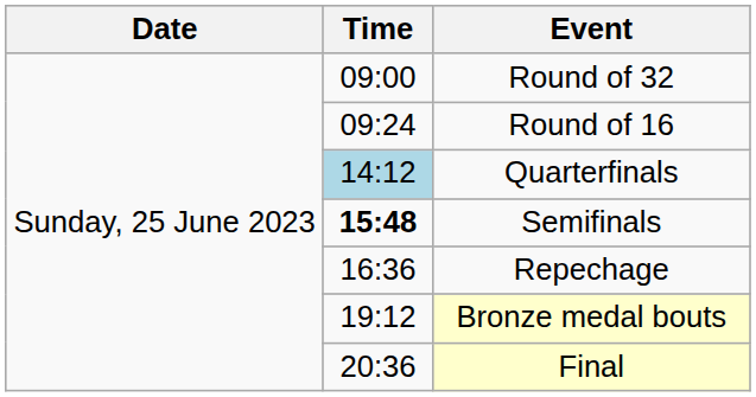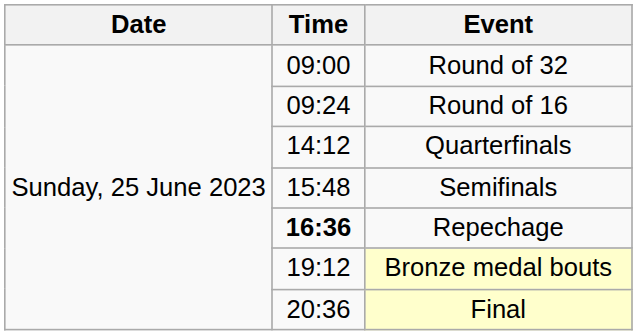 <table class = "wikitable" style="text-align:center;">
 <tr>
 <th width=160>Date</th>
 <th width=50>Time</th>
 <th width=160>Event</th>
 </tr>
 <tr>
 <td rowspan=7>Sunday, 25 June 2023</td>
 <td>09:00</td>
 <td>Round of 32</td>
 </tr>
 <tr>
 <td>09:24</td>
 <td>Round of 16</td>
 </tr>
 <tr>
-<td style="background: lightblue;">14:12</td>
+<td>14:12</td>
 <td>Quarterfinals</td>
 </tr>
 <tr>
-<td><strong>15:48</strong></td>
+<td>15:48</td>
 <td>Semifinals</td>
 </tr>
 <tr>
-<td>16:36</td>
+<td><strong>16:36</strong></td>
 <td>Repechage</td>
 </tr>
 <tr>
 <td>19:12</td>
 <td bgcolor=ffffcc>Bronze medal bouts</td>
 </tr>
 <tr>
 <td>20:36</td>
 <td bgcolor=ffffcc>Final</td>
 </tr>
 </table>
